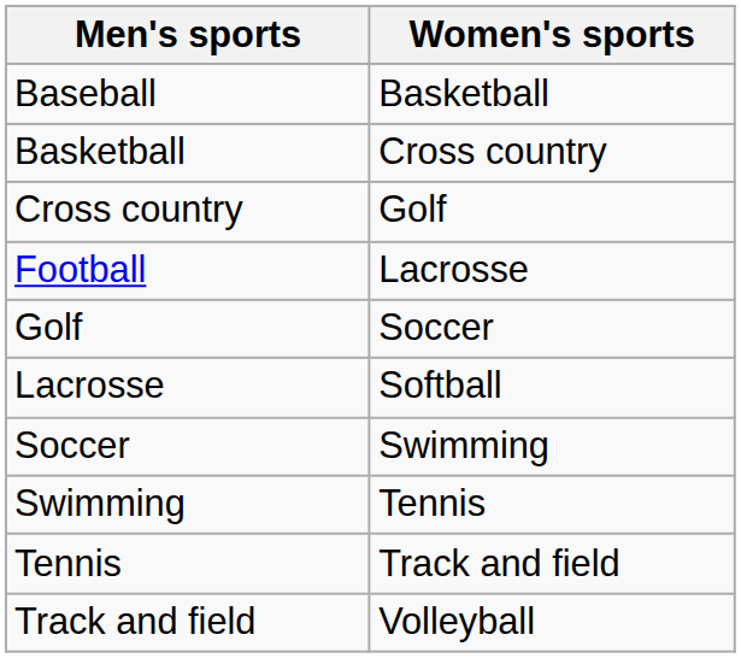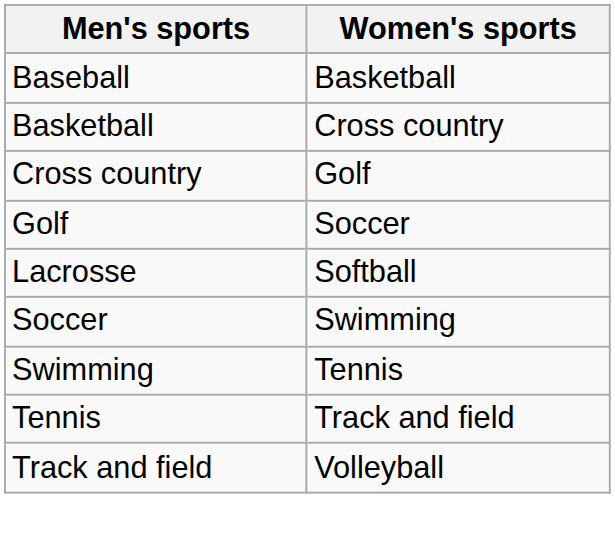 <table class="wikitable"; style= "text-align: ">
 <tr>
 <th width=150px>Men's sports</th>
 <th width=150px>Women's sports</th>
 </tr>
 <tr>
 <td>Baseball</td>
 <td>Basketball</td>
 </tr>
 <tr>
 <td>Basketball</td>
 <td>Cross country</td>
 </tr>
 <tr>
 <td>Cross country</td>
 <td>Golf</td>
-</tr>
-<tr>
-<td><a href='#'>Football</a></td>
-<td>Lacrosse</td>
 </tr>
 <tr>
 <td>Golf</td>
 <td>Soccer</td>
 </tr>
 <tr>
 <td>Lacrosse</td>
 <td>Softball</td>
 </tr>
 <tr>
 <td>Soccer</td>
 <td>Swimming</td>
 </tr>
 <tr>
 <td>Swimming</td>
 <td>Tennis</td>
 </tr>
 <tr>
 <td>Tennis</td>
 <td>Track and field</td>
 </tr>
 <tr>
 <td>Track and field</td>
 <td>Volleyball</td>
 </tr>
 </table>
